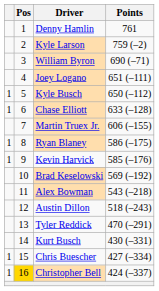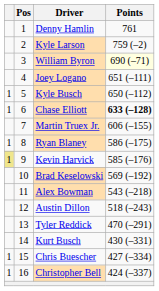 <table class="wikitable" style="font-size: 95%">
 <tr>
 <th></th>
 <th>Pos</th>
 <th>Driver</th>
 <th>Points</th>
 </tr>
 <tr>
 <td align="left"></td>
 <td style="text-align:center;">1</td>
 <td><a href='#'>Denny Hamlin</a></td>
 <td style="text-align:center;">761</td>
 </tr>
 <tr>
 <td align="left"></td>
 <td style="text-align:center;">2</td>
 <td style="background:#FFDEAD;"><a href='#'>Kyle Larson</a></td>
 <td style="text-align:center;">759 (–2)</td>
 </tr>
 <tr>
 <td align="left"></td>
 <td style="text-align:center;">3</td>
 <td style="background:#FFDEAD;"><a href='#'>William Byron</a></td>
-<td style="text-align:center;">690 (–71)</td>
+<td style="background: lightyellow; text-align:center;">690 (–71)</td>
 </tr>
 <tr>
 <td align="left"></td>
 <td style="text-align:center;">4</td>
 <td style="background:#FFDEAD;"><a href='#'>Joey Logano</a></td>
 <td style="text-align:center;">651 (–111)</td>
 </tr>
 <tr>
 <td align="left"> 1</td>
 <td style="text-align:center;">5</td>
 <td style="background:#FFDEAD;"><a href='#'>Kyle Busch</a></td>
 <td style="text-align:center;">650 (–112)</td>
 </tr>
 <tr>
 <td align="left"> 1</td>
 <td style="text-align:center;">6</td>
 <td style="background:#FFDEAD;"><a href='#'>Chase Elliott</a></td>
-<td style="text-align:center;">633 (–128)</td>
+<td style="text-align:center;"><strong>633 (–128)</strong></td>
 </tr>
 <tr>
 <td align="left"></td>
 <td style="text-align:center;">7</td>
 <td style="background:#FFDEAD;"><a href='#'>Martin Truex Jr.</a></td>
 <td style="text-align:center;">606 (–155)</td>
 </tr>
 <tr>
 <td align="left"> 1</td>
 <td style="text-align:center;">8</td>
 <td style="background:#FFDEAD;"><a href='#'>Ryan Blaney</a></td>
 <td style="text-align:center;">586 (–175)</td>
 </tr>
 <tr>
-<td align="left"> 1</td>
+<td align="left" style="background: khaki;"> 1</td>
 <td style="text-align:center;">9</td>
 <td><a href='#'>Kevin Harvick</a></td>
 <td style="text-align:center;">585 (–176)</td>
 </tr>
 <tr>
 <td align="left"></td>
 <td style="text-align:center;">10</td>
 <td style="background:#FFDEAD;"><a href='#'>Brad Keselowski</a></td>
 <td style="text-align:center;">569 (–192)</td>
 </tr>
 <tr>
 <td align="left"></td>
 <td style="text-align:center;">11</td>
 <td style="background:#FFDEAD;"><a href='#'>Alex Bowman</a></td>
 <td style="text-align:center;">543 (–218)</td>
 </tr>
 <tr>
 <td align="left"></td>
 <td style="text-align:center;">12</td>
 <td><a href='#'>Austin Dillon</a></td>
 <td style="text-align:center;">518 (–243)</td>
 </tr>
 <tr>
 <td align="left"></td>
 <td style="text-align:center;">13</td>
 <td><a href='#'>Tyler Reddick</a></td>
 <td style="text-align:center;">470 (–291)</td>
 </tr>
 <tr>
 <td align="left"></td>
 <td style="text-align:center;">14</td>
 <td><a href='#'>Kurt Busch</a></td>
 <td style="text-align:center;">430 (–331)</td>
 </tr>
 <tr>
 <td align="left"> 1</td>
 <td style="text-align:center;">15</td>
 <td><a href='#'>Chris Buescher</a></td>
 <td style="text-align:center;">427 (–334)</td>
 </tr>
 <tr>
 <td align="left"> 1</td>
-<td style="background: gold; text-align:center;">16</td>
+<td style="text-align:center;">16</td>
 <td style="background:#FFDEAD;"><a href='#'>Christopher Bell</a></td>
 <td style="text-align:center;">424 (–337)</td>
 </tr>
 <tr class="sortbottom">
 <th colspan="9"></th>
 </tr>
 </table>
